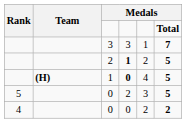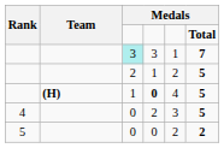 <table class="wikitable">
 <tr>
 <th rowspan=2>Rank</th>
 <th style="width:100px;" rowspan="2">Team</th>
 <th colspan=4>Medals</th>
 </tr>
 <tr>
 <td style="width:20px; text-align:center;"></td>
 <td style="width:20px; text-align:center;"></td>
 <td style="width:20px; text-align:center;"></td>
 <td><strong>Total</strong></td>
 </tr>
 <tr>
 <td align=center></td>
 <td></td>
-<td align=center>3</td>
+<td align=center style="background: paleturquoise;">3</td>
 <td align=center>3</td>
 <td align=center>1</td>
 <td align=center><strong>7</strong></td>
 </tr>
 <tr>
 <td align=center></td>
 <td></td>
 <td align=center>2</td>
-<td align=center><strong>1</strong></td>
+<td align=center>1</td>
 <td align=center>2</td>
 <td align=center><strong>5</strong></td>
 </tr>
 <tr>
 <td align=center></td>
 <td> <strong>(H)</strong></td>
 <td align=center>1</td>
 <td align=center><strong>0</strong></td>
 <td align=center>4</td>
 <td align=center><strong>5</strong></td>
 </tr>
 <tr>
-<td align=center>5</td>
+<td align=center>4</td>
 <td></td>
 <td align=center>0</td>
 <td align=center>2</td>
 <td align=center>3</td>
 <td align=center><strong>5</strong></td>
 </tr>
 <tr>
-<td align=center>4</td>
+<td align=center>5</td>
 <td></td>
 <td align=center>0</td>
 <td align=center>0</td>
 <td align=center>2</td>
 <td align=center><strong>2</strong></td>
 </tr>
 </table>
